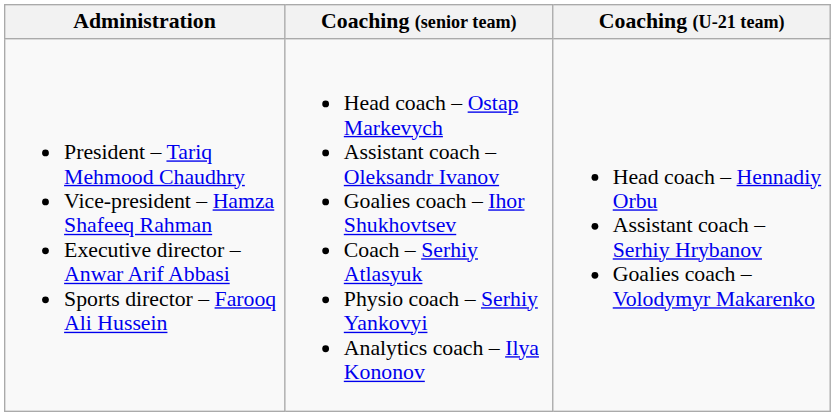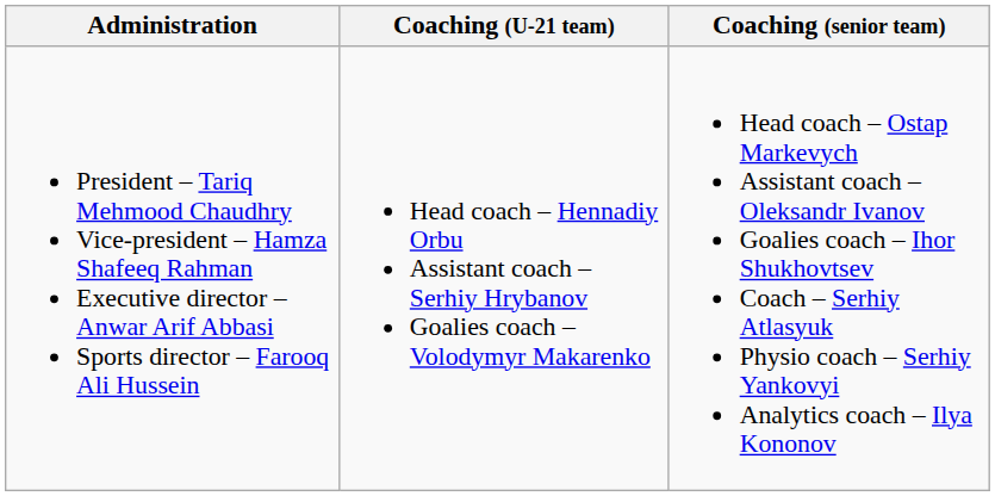 <table class="wikitable">
 <tr>
 <th>Administration</th>
+<th>Coaching <small>(U-21 team)</small></th>
 <th>Coaching <small>(senior team)</small></th>
-<th>Coaching <small>(U-21 team)</small></th>
 </tr>
 <tr>
 <td><br><ul><li>President –  <a href='#'>Tariq Mehmood Chaudhry</a></li><li>Vice-president – <a href='#'>Hamza Shafeeq Rahman</a></li><li>Executive director – <a href='#'>Anwar Arif Abbasi</a></li><li>Sports director – <a href='#'>Farooq Ali Hussein</a></li></ul></td>
+<td><br><ul><li>Head coach – <a href='#'>Hennadiy Orbu</a></li><li>Assistant coach – <a href='#'>Serhiy Hrybanov</a></li><li>Goalies coach – <a href='#'>Volodymyr Makarenko</a></li></ul></td>
 <td><br><ul><li>Head coach – <a href='#'>Ostap Markevych</a></li><li>Assistant coach – <a href='#'>Oleksandr Ivanov</a></li><li>Goalies coach – <a href='#'>Ihor Shukhovtsev</a></li><li>Coach – <a href='#'>Serhiy Atlasyuk</a></li><li>Physio coach – <a href='#'>Serhiy Yankovyi</a></li><li>Analytics coach –  <a href='#'>Ilya Kononov</a></li></ul></td>
-<td><br><ul><li>Head coach – <a href='#'>Hennadiy Orbu</a></li><li>Assistant coach – <a href='#'>Serhiy Hrybanov</a></li><li>Goalies coach – <a href='#'>Volodymyr Makarenko</a></li></ul></td>
 </tr>
 </table>
